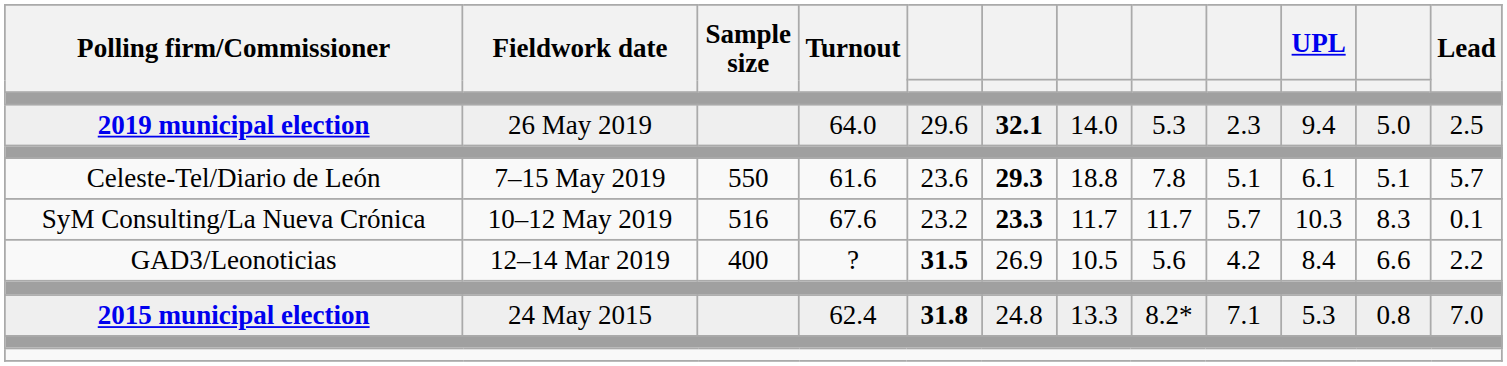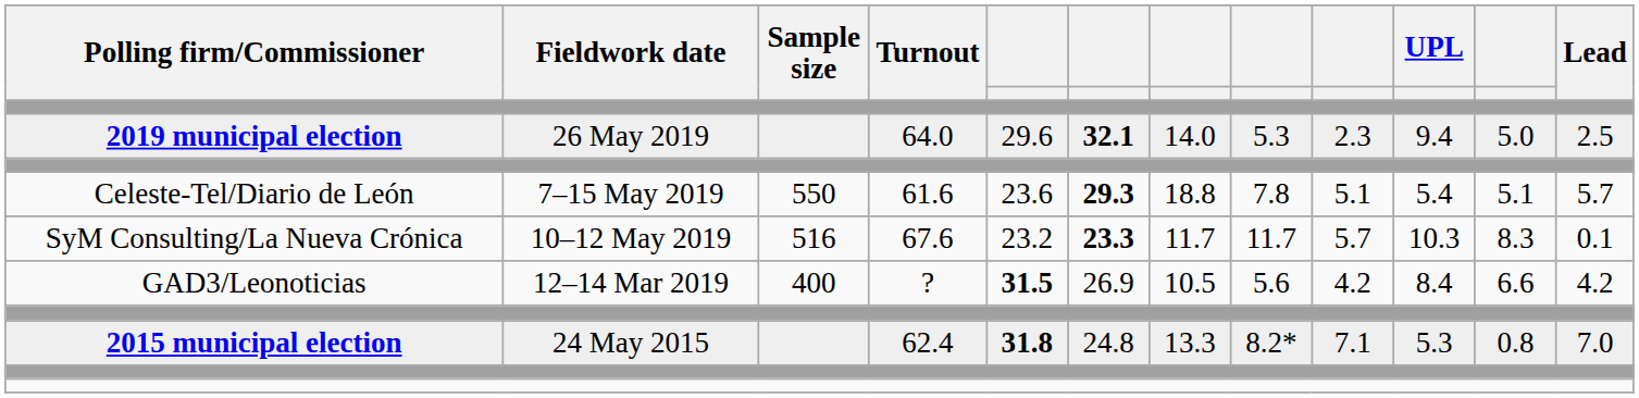 <table class="wikitable collapsible collapsed" style="text-align:center; font-size:95%; line-height:16px;">
 <tr style="height:42px;">
 <th style="width:250px;" rowspan="2">Polling firm/Commissioner</th>
 <th style="width:125px;" rowspan="2">Fieldwork date</th>
 <th style="width:50px;" rowspan="2">Sample size</th>
 <th style="width:45px;" rowspan="2">Turnout</th>
 <th style="width:35px;"></th>
 <th style="width:35px;"></th>
 <th style="width:35px;"></th>
 <th style="width:35px;"></th>
 <th style="width:35px;"></th>
 <th style="width:35px;"><a href='#'>UPL</a></th>
 <th style="width:35px;"></th>
 <th style="width:30px;" rowspan="2">Lead</th>
 </tr>
 <tr>
 <th style="color:inherit;background:"></th>
 <th style="color:inherit;background:"></th>
 <th style="color:inherit;background:"></th>
 <th style="color:inherit;background:"></th>
 <th style="color:inherit;background:"></th>
 <th style="color:inherit;background:"></th>
 <th style="color:inherit;background:"></th>
 </tr>
 <tr>
 <td colspan="12" style="background:#A0A0A0"></td>
 </tr>
 <tr style="background:#EFEFEF;">
 <td><strong><a href='#'>2019 municipal election</a></strong></td>
 <td>26 May 2019</td>
 <td></td>
 <td>64.0</td>
 <td>29.6<br></td>
 <td><strong>32.1</strong><br></td>
 <td>14.0<br></td>
 <td>5.3<br></td>
 <td>2.3<br></td>
 <td>9.4<br></td>
 <td>5.0<br></td>
 <td style="background:">2.5</td>
 </tr>
 <tr>
 <td colspan="12" style="background:#A0A0A0"></td>
 </tr>
 <tr>
 <td>Celeste-Tel/Diario de León</td>
 <td>7–15 May 2019</td>
 <td>550</td>
 <td>61.6</td>
 <td>23.6<br></td>
 <td><strong>29.3</strong><br></td>
 <td>18.8<br></td>
 <td>7.8<br></td>
 <td>5.1<br></td>
-<td>6.1<br></td>
+<td>5.4<br></td>
 <td>5.1<br></td>
 <td style="background:">5.7</td>
 </tr>
 <tr>
 <td>SyM Consulting/La Nueva Crónica</td>
 <td>10–12 May 2019</td>
 <td>516</td>
 <td>67.6</td>
 <td>23.2<br></td>
 <td><strong>23.3</strong><br></td>
 <td>11.7<br></td>
 <td>11.7<br></td>
 <td>5.7<br></td>
 <td>10.3<br></td>
 <td>8.3<br></td>
 <td style="background:">0.1</td>
 </tr>
 <tr>
 <td>GAD3/Leonoticias</td>
 <td>12–14 Mar 2019</td>
 <td>400</td>
 <td>?</td>
 <td><strong>31.5</strong><br></td>
 <td>26.9<br></td>
 <td>10.5<br></td>
 <td>5.6<br></td>
 <td>4.2<br></td>
 <td>8.4<br></td>
 <td>6.6<br></td>
-<td style="background:">2.2</td>
+<td style="background:">4.2</td>
 </tr>
 <tr>
 <td colspan="12" style="background:#A0A0A0"></td>
 </tr>
 <tr style="background:#EFEFEF;">
 <td><strong><a href='#'>2015 municipal election</a></strong></td>
 <td>24 May 2015</td>
 <td></td>
 <td>62.4</td>
 <td><strong>31.8</strong><br></td>
 <td>24.8<br></td>
 <td>13.3<br></td>
 <td>8.2*<br></td>
 <td>7.1<br></td>
 <td>5.3<br></td>
 <td>0.8<br></td>
 <td style="background:">7.0</td>
 </tr>
 <tr>
 <td colspan="12" style="background:#A0A0A0"></td>
 </tr>
 <tr>
 <td align="left" colspan="12"></td>
 </tr>
 </table>
